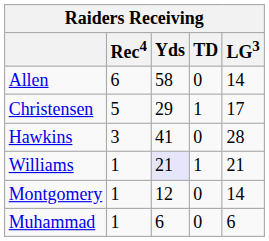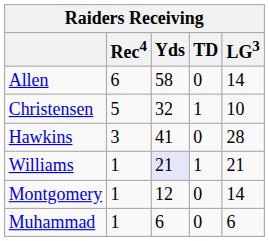 <table class="wikitable">
 <tr>
 <th colspan="5">Raiders Receiving</th>
 </tr>
 <tr>
 <th></th>
 <th>Rec<sup>4</sup></th>
 <th>Yds</th>
 <th>TD</th>
 <th>LG<sup>3</sup></th>
 </tr>
 <tr>
 <td><a href='#'>Allen</a></td>
 <td>6</td>
 <td>58</td>
 <td>0</td>
 <td>14</td>
 </tr>
 <tr>
 <td><a href='#'>Christensen</a></td>
 <td>5</td>
-<td>29</td>
+<td>32</td>
 <td>1</td>
-<td>17</td>
+<td>10</td>
 </tr>
 <tr>
 <td><a href='#'>Hawkins</a></td>
 <td>3</td>
 <td>41</td>
 <td>0</td>
 <td>28</td>
 </tr>
 <tr>
 <td><a href='#'>Williams</a></td>
 <td>1</td>
 <td style="background: lavender;">21</td>
 <td>1</td>
 <td>21</td>
 </tr>
 <tr>
 <td><a href='#'>Montgomery</a></td>
 <td>1</td>
 <td>12</td>
 <td>0</td>
 <td>14</td>
 </tr>
 <tr>
 <td><a href='#'>Muhammad</a></td>
 <td>1</td>
 <td>6</td>
 <td>0</td>
 <td>6</td>
 </tr>
 </table>
